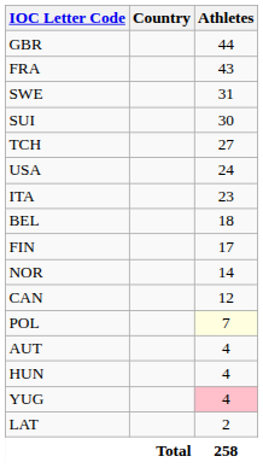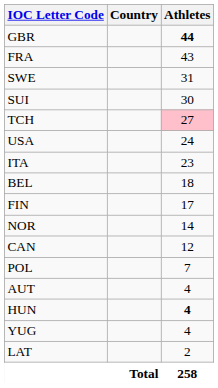 <table class="wikitable collapsible collapsed sortable" style="border:0;">
 <tr>
 <th><a href='#'>IOC Letter Code</a></th>
 <th>Country</th>
 <th>Athletes</th>
 </tr>
 <tr>
 <td>GBR</td>
 <td></td>
-<td align=center>44</td>
+<td align=center><strong>44</strong></td>
 </tr>
 <tr>
 <td>FRA</td>
 <td></td>
 <td align=center>43</td>
 </tr>
 <tr>
 <td>SWE</td>
 <td></td>
 <td align=center>31</td>
 </tr>
 <tr>
 <td>SUI</td>
 <td></td>
 <td align=center>30</td>
 </tr>
 <tr>
 <td>TCH</td>
 <td></td>
-<td align=center>27</td>
+<td align=center style="background: pink;">27</td>
 </tr>
 <tr>
 <td>USA</td>
 <td></td>
 <td align=center>24</td>
 </tr>
 <tr>
 <td>ITA</td>
 <td></td>
 <td align=center>23</td>
 </tr>
 <tr>
 <td>BEL</td>
 <td></td>
 <td align=center>18</td>
 </tr>
 <tr>
 <td>FIN</td>
 <td></td>
 <td align=center>17</td>
 </tr>
 <tr>
 <td>NOR</td>
 <td></td>
 <td align=center>14</td>
 </tr>
 <tr>
 <td>CAN</td>
 <td></td>
 <td align=center>12</td>
 </tr>
 <tr>
 <td>POL</td>
 <td></td>
-<td align=center style="background: lightyellow;">7</td>
+<td align=center>7</td>
 </tr>
 <tr>
 <td>AUT</td>
 <td></td>
 <td align=center>4</td>
 </tr>
 <tr>
 <td>HUN</td>
 <td></td>
-<td align=center>4</td>
+<td align=center><strong>4</strong></td>
 </tr>
 <tr>
 <td>YUG</td>
 <td></td>
-<td align=center style="background: pink;">4</td>
+<td align=center>4</td>
 </tr>
 <tr>
 <td>LAT</td>
 <td></td>
 <td align=center>2</td>
 </tr>
 <tr class="sortbottom">
 <td colspan=2; style="text-align:right; border:0px; background:#fff;"><strong>Total</strong></td>
 <td style="text-align:center; border:0px; background:#fff;"><strong>258</strong></td>
 </tr>
 <tr>
 </tr>
 </table>
